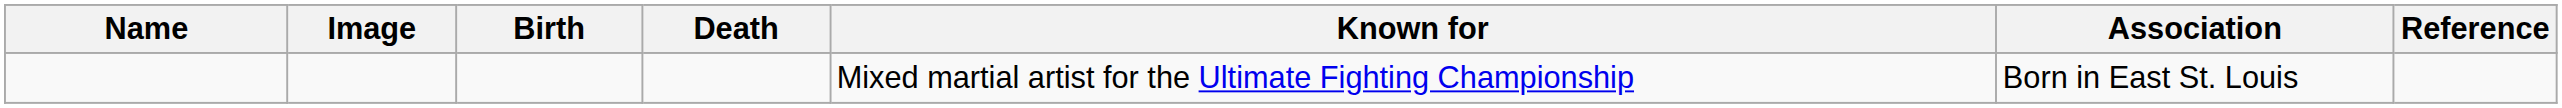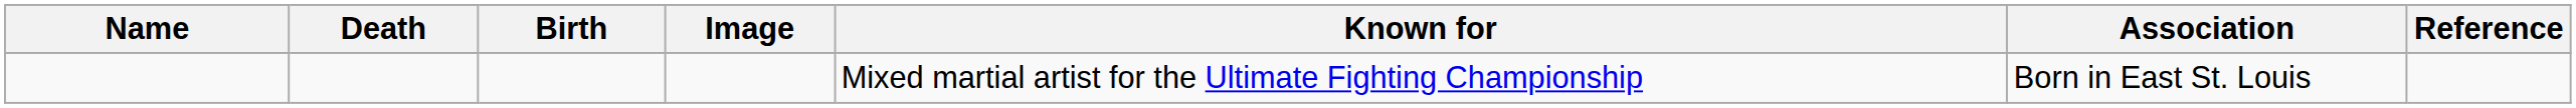 <table class="wikitable sortable">
 <tr>
 <th scope="col" width="140">Name</th>
+<th scope="col" width="90">Death</th>
+<th scope="col" width="90">Birth</th>
 <th scope="col" width="80" class="unsortable">Image</th>
-<th scope="col" width="90">Birth</th>
-<th scope="col" width="90">Death</th>
 <th scope="col" width="600" class="unsortable">Known for</th>
 <th scope="col" width="200" class="unsortable">Association</th>
 <th scope="col" width="30" class="unsortable">Reference</th>
 </tr>
 <tr>
 <td></td>
-<td></td>
 <td align=right></td>
 <td align=right></td>
+<td></td>
 <td>Mixed martial artist for the <a href='#'>Ultimate Fighting Championship</a></td>
 <td>Born in East St. Louis</td>
 <td align="center"></td>
 </tr>
 </table>
